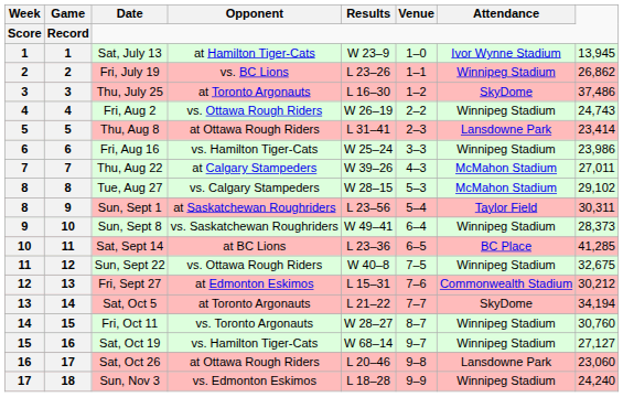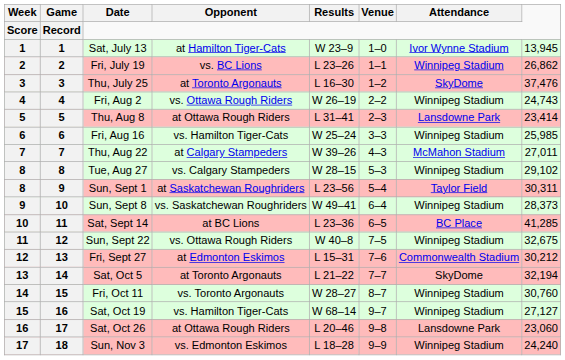 <table class="wikitable" style="text-align:center">
 <tr>
 <th>Week</th>
 <th>Game</th>
 <th>Date</th>
 <th>Opponent</th>
 <th>Results</th>
 <th>Venue</th>
 <th>Attendance</th>
 </tr>
 <tr>
 <th>Score</th>
 <th>Record</th>
 </tr>
 <tr style="background:#ddffdd">
 <th>1</th>
 <th>1</th>
 <td>Sat, July 13</td>
 <td>at <a href='#'>Hamilton Tiger-Cats</a></td>
 <td>W 23–9</td>
 <td>1–0</td>
 <td><a href='#'>Ivor Wynne Stadium</a></td>
 <td>13,945</td>
 </tr>
 <tr style="background:#ffbbbb">
 <th>2</th>
 <th>2</th>
 <td>Fri, July 19</td>
 <td>vs. <a href='#'>BC Lions</a></td>
 <td>L 23–26</td>
 <td>1–1</td>
 <td><a href='#'>Winnipeg Stadium</a></td>
 <td>26,862</td>
 </tr>
 <tr style="background:#ffbbbb">
 <th>3</th>
 <th>3</th>
 <td>Thu, July 25</td>
 <td>at <a href='#'>Toronto Argonauts</a></td>
 <td>L 16–30</td>
 <td>1–2</td>
 <td><a href='#'>SkyDome</a></td>
-<td>37,486</td>
+<td>37,476</td>
 </tr>
 <tr style="background:#ddffdd">
 <th>4</th>
 <th>4</th>
 <td>Fri, Aug 2</td>
 <td>vs. <a href='#'>Ottawa Rough Riders</a></td>
 <td>W 26–19</td>
 <td>2–2</td>
 <td>Winnipeg Stadium</td>
 <td>24,743</td>
 </tr>
 <tr style="background:#ffbbbb">
 <th>5</th>
 <th>5</th>
 <td>Thu, Aug 8</td>
 <td>at Ottawa Rough Riders</td>
 <td>L 31–41</td>
 <td>2–3</td>
 <td><a href='#'>Lansdowne Park</a></td>
 <td>23,414</td>
 </tr>
 <tr style="background:#ddffdd">
 <th>6</th>
 <th>6</th>
 <td>Fri, Aug 16</td>
 <td>vs. Hamilton Tiger-Cats</td>
 <td>W 25–24</td>
 <td>3–3</td>
 <td>Winnipeg Stadium</td>
-<td>23,986</td>
+<td>25,985</td>
 </tr>
 <tr style="background:#ddffdd">
 <th>7</th>
 <th>7</th>
 <td>Thu, Aug 22</td>
 <td>at <a href='#'>Calgary Stampeders</a></td>
 <td>W 39–26</td>
 <td>4–3</td>
 <td><a href='#'>McMahon Stadium</a></td>
 <td>27,011</td>
 </tr>
 <tr style="background:#ddffdd">
 <th>8</th>
 <th>8</th>
 <td>Tue, Aug 27</td>
 <td>vs. Calgary Stampeders</td>
 <td>W 28–15</td>
 <td>5–3</td>
-<td><a href='#'>McMahon Stadium</a></td>
+<td>Winnipeg Stadium</td>
 <td>29,102</td>
 </tr>
 <tr style="background:#ffbbbb">
 <th>8</th>
 <th>9</th>
 <td>Sun, Sept 1</td>
 <td>at <a href='#'>Saskatchewan Roughriders</a></td>
 <td>L 23–56</td>
 <td>5–4</td>
 <td><a href='#'>Taylor Field</a></td>
 <td>30,311</td>
 </tr>
 <tr style="background:#ddffdd">
 <th>9</th>
 <th>10</th>
 <td>Sun, Sept 8</td>
 <td>vs. Saskatchewan Roughriders</td>
 <td>W 49–41</td>
 <td>6–4</td>
 <td>Winnipeg Stadium</td>
 <td>28,373</td>
 </tr>
 <tr style="background:#ffbbbb">
 <th>10</th>
 <th>11</th>
 <td>Sat, Sept 14</td>
 <td>at BC Lions</td>
 <td>L 23–36</td>
 <td>6–5</td>
 <td><a href='#'>BC Place</a></td>
 <td>41,285</td>
 </tr>
 <tr style="background:#ddffdd">
 <th>11</th>
 <th>12</th>
 <td>Sun, Sept 22</td>
 <td>vs. Ottawa Rough Riders</td>
 <td>W 40–8</td>
 <td>7–5</td>
 <td>Winnipeg Stadium</td>
 <td>32,675</td>
 </tr>
 <tr style="background:#ffbbbb">
 <th>12</th>
 <th>13</th>
 <td>Fri, Sept 27</td>
 <td>at <a href='#'>Edmonton Eskimos</a></td>
 <td>L 15–31</td>
 <td>7–6</td>
 <td><a href='#'>Commonwealth Stadium</a></td>
 <td>30,212</td>
 </tr>
 <tr style="background:#ffbbbb">
 <th>13</th>
 <th>14</th>
 <td>Sat, Oct 5</td>
 <td>at Toronto Argonauts</td>
 <td>L 21–22</td>
 <td>7–7</td>
 <td>SkyDome</td>
-<td>34,194</td>
+<td>32,194</td>
 </tr>
 <tr style="background:#ddffdd">
 <th>14</th>
 <th>15</th>
 <td>Fri, Oct 11</td>
 <td>vs. Toronto Argonauts</td>
 <td>W 28–27</td>
 <td>8–7</td>
 <td>Winnipeg Stadium</td>
 <td>30,760</td>
 </tr>
 <tr style="background:#ddffdd">
 <th>15</th>
 <th>16</th>
 <td>Sat, Oct 19</td>
 <td>vs. Hamilton Tiger-Cats</td>
 <td>W 68–14</td>
 <td>9–7</td>
 <td>Winnipeg Stadium</td>
 <td>27,127</td>
 </tr>
 <tr style="background:#ffbbbb">
 <th>16</th>
 <th>17</th>
 <td>Sat, Oct 26</td>
 <td>at Ottawa Rough Riders</td>
 <td>L 20–46</td>
 <td>9–8</td>
 <td>Lansdowne Park</td>
 <td>23,060</td>
 </tr>
 <tr style="background:#ffbbbb">
 <th>17</th>
 <th>18</th>
 <td>Sun, Nov 3</td>
 <td>vs. Edmonton Eskimos</td>
 <td>L 18–28</td>
 <td>9–9</td>
 <td>Winnipeg Stadium</td>
 <td>24,240</td>
 </tr>
 </table>
